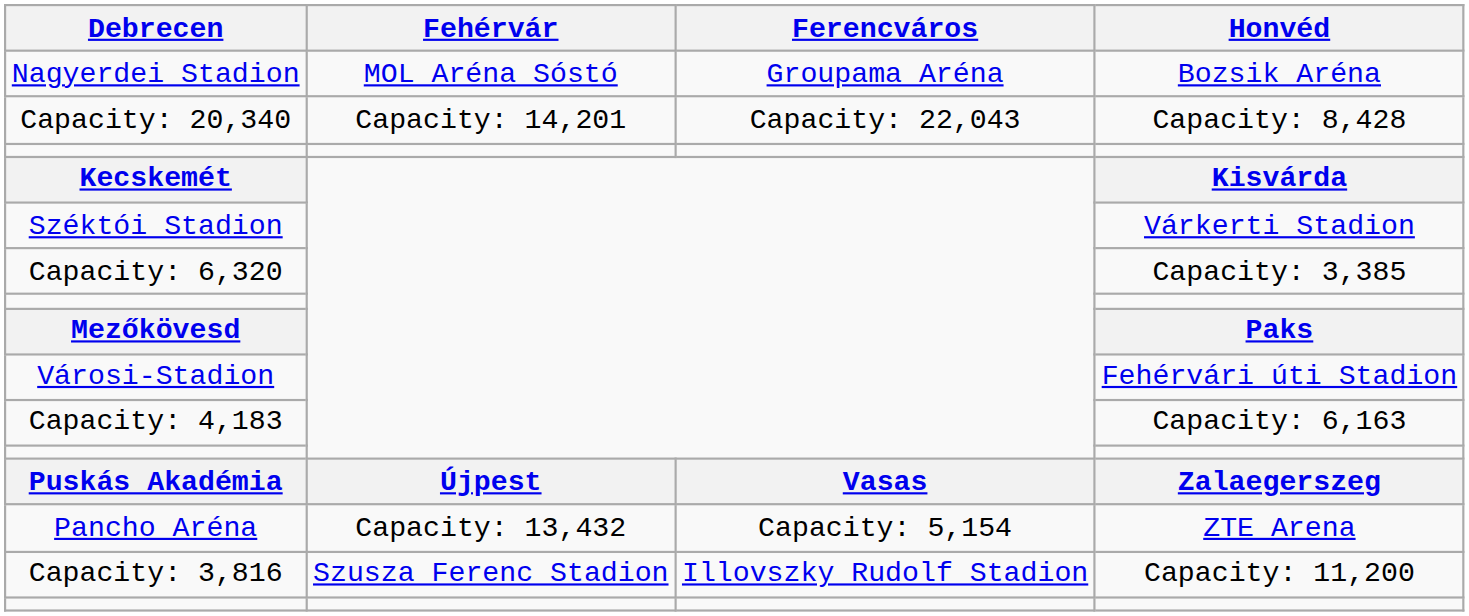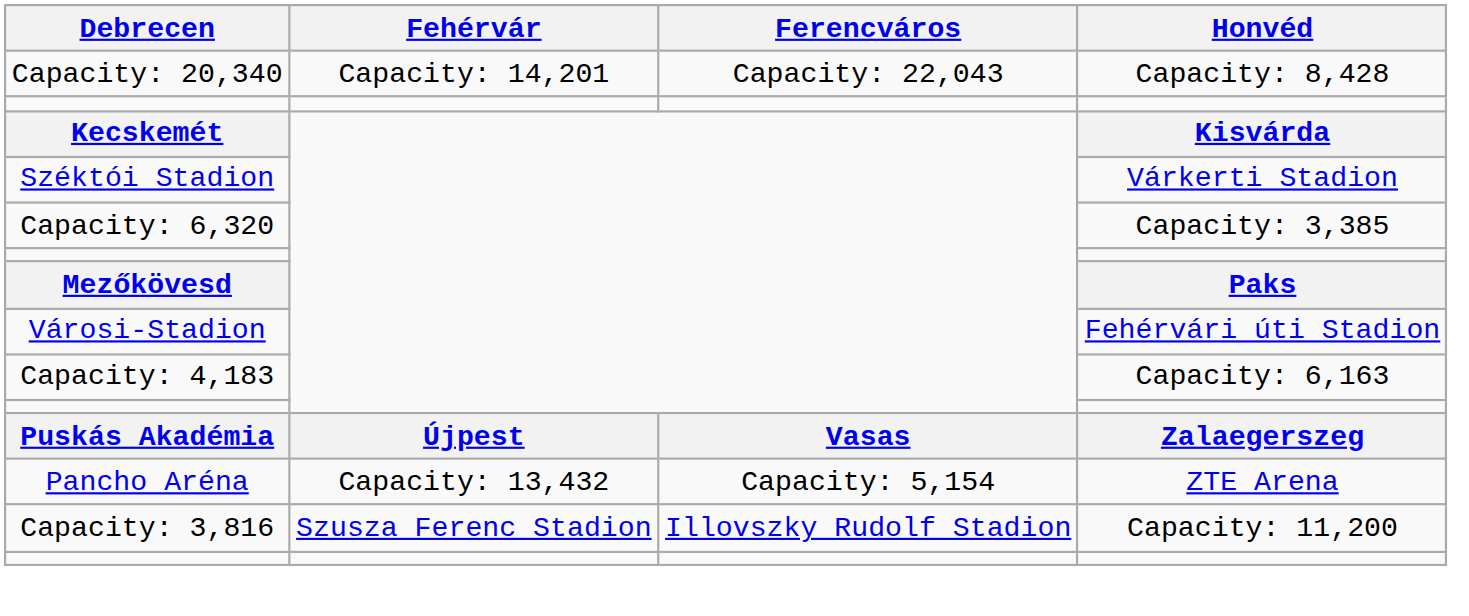 <table class="wikitable" style="text-align:center;">
 <tr>
 <th><a href='#'>Debrecen</a></th>
 <th><a href='#'>Fehérvár</a></th>
 <th><a href='#'>Ferencváros</a></th>
 <th><a href='#'>Honvéd</a></th>
-</tr>
-<tr>
-<td><a href='#'>Nagyerdei Stadion</a></td>
-<td><a href='#'>MOL Aréna Sóstó</a></td>
-<td><a href='#'>Groupama Aréna</a></td>
-<td><a href='#'>Bozsik Aréna</a></td>
 </tr>
 <tr>
 <td>Capacity: 20,340</td>
 <td>Capacity: 14,201</td>
 <td>Capacity: 22,043</td>
 <td>Capacity: 8,428</td>
 </tr>
 <tr>
 <td></td>
 <td></td>
 <td></td>
 <td></td>
 </tr>
 <tr>
 <th><a href='#'>Kecskemét</a></th>
 <td colspan="2" rowspan="8"><br> </td>
 <th><a href='#'>Kisvárda</a></th>
 </tr>
 <tr>
 <td><a href='#'>Széktói Stadion</a></td>
 <td><a href='#'>Várkerti Stadion</a></td>
 </tr>
 <tr>
 <td>Capacity: 6,320</td>
 <td>Capacity: 3,385</td>
 </tr>
 <tr>
 <td></td>
 <td></td>
 </tr>
 <tr>
 <th><a href='#'>Mezőkövesd</a></th>
 <th><a href='#'>Paks</a></th>
 </tr>
 <tr>
 <td><a href='#'>Városi-Stadion</a></td>
 <td><a href='#'>Fehérvári úti Stadion</a></td>
 </tr>
 <tr>
 <td>Capacity: 4,183</td>
 <td>Capacity: 6,163</td>
 </tr>
 <tr>
 <td></td>
 <td></td>
 </tr>
 <tr>
 <th><a href='#'>Puskás Akadémia</a></th>
 <th><a href='#'>Újpest</a></th>
 <th><a href='#'>Vasas</a></th>
 <th><a href='#'>Zalaegerszeg</a></th>
 </tr>
 <tr>
 <td><a href='#'>Pancho Aréna</a></td>
 <td>Capacity: 13,432</td>
 <td>Capacity: 5,154</td>
 <td><a href='#'>ZTE Arena</a></td>
 </tr>
 <tr>
 <td>Capacity: 3,816</td>
 <td><a href='#'>Szusza Ferenc Stadion</a></td>
 <td><a href='#'>Illovszky Rudolf Stadion</a></td>
 <td>Capacity: 11,200</td>
 </tr>
 <tr>
 <td></td>
 <td></td>
 <td></td>
 <td></td>
 </tr>
 </table>
